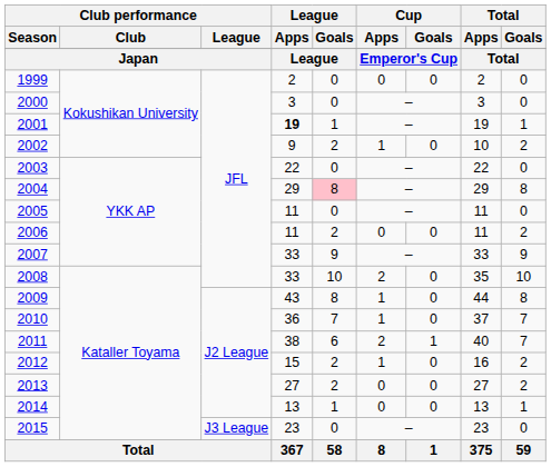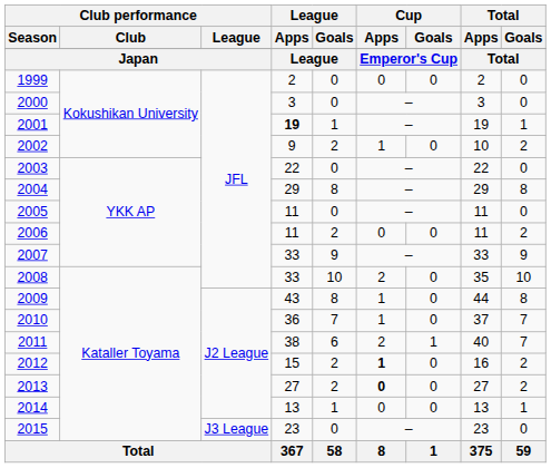 <table class="wikitable" style="text-align:center">
 <tr>
 <th colspan=3>Club performance</th>
 <th colspan=2>League</th>
 <th colspan=2>Cup</th>
 <th colspan=2>Total</th>
 </tr>
 <tr>
 <th>Season</th>
 <th>Club</th>
 <th>League</th>
 <th>Apps</th>
 <th>Goals</th>
 <th>Apps</th>
 <th>Goals</th>
 <th>Apps</th>
 <th>Goals</th>
 </tr>
 <tr>
 </tr>
 <tr>
 <th colspan=3>Japan</th>
 <th colspan=2>League</th>
 <th colspan=2><a href='#'>Emperor's Cup</a></th>
 <th colspan=2>Total</th>
 </tr>
 <tr>
 <td><a href='#'>1999</a></td>
 <td rowspan=4><a href='#'>Kokushikan University</a></td>
 <td rowspan=10><a href='#'>JFL</a></td>
 <td>2</td>
 <td>0</td>
 <td>0</td>
 <td>0</td>
 <td>2</td>
 <td>0</td>
 </tr>
 <tr>
 <td><a href='#'>2000</a></td>
 <td>3</td>
 <td>0</td>
 <td colspan="2">–</td>
 <td>3</td>
 <td>0</td>
 </tr>
 <tr>
 <td><a href='#'>2001</a></td>
 <td><strong>19</strong></td>
 <td>1</td>
 <td colspan="2">–</td>
 <td>19</td>
 <td>1</td>
 </tr>
 <tr>
 <td><a href='#'>2002</a></td>
 <td>9</td>
 <td>2</td>
 <td>1</td>
 <td>0</td>
 <td>10</td>
 <td>2</td>
 </tr>
 <tr>
 <td><a href='#'>2003</a></td>
 <td rowspan=5><a href='#'>YKK AP</a></td>
 <td>22</td>
 <td>0</td>
 <td colspan="2">–</td>
 <td>22</td>
 <td>0</td>
 </tr>
 <tr>
 <td><a href='#'>2004</a></td>
 <td>29</td>
-<td style="background: pink;">8</td>
+<td>8</td>
 <td colspan="2">–</td>
 <td>29</td>
 <td>8</td>
 </tr>
 <tr>
 <td><a href='#'>2005</a></td>
 <td>11</td>
 <td>0</td>
 <td colspan="2">–</td>
 <td>11</td>
 <td>0</td>
 </tr>
 <tr>
 <td><a href='#'>2006</a></td>
 <td>11</td>
 <td>2</td>
 <td>0</td>
 <td>0</td>
 <td>11</td>
 <td>2</td>
 </tr>
 <tr>
 <td><a href='#'>2007</a></td>
 <td>33</td>
 <td>9</td>
 <td colspan="2">–</td>
 <td>33</td>
 <td>9</td>
 </tr>
 <tr>
 <td><a href='#'>2008</a></td>
 <td rowspan="8"><a href='#'>Kataller Toyama</a></td>
 <td>33</td>
 <td>10</td>
 <td>2</td>
 <td>0</td>
 <td>35</td>
 <td>10</td>
 </tr>
 <tr>
 <td><a href='#'>2009</a></td>
 <td rowspan=6><a href='#'>J2 League</a></td>
 <td>43</td>
 <td>8</td>
 <td>1</td>
 <td>0</td>
 <td>44</td>
 <td>8</td>
 </tr>
 <tr>
 <td><a href='#'>2010</a></td>
 <td>36</td>
 <td>7</td>
 <td>1</td>
 <td>0</td>
 <td>37</td>
 <td>7</td>
 </tr>
 <tr>
 <td><a href='#'>2011</a></td>
 <td>38</td>
 <td>6</td>
 <td>2</td>
 <td>1</td>
 <td>40</td>
 <td>7</td>
 </tr>
 <tr>
 <td><a href='#'>2012</a></td>
 <td>15</td>
 <td>2</td>
-<td>1</td>
+<td><strong>1</strong></td>
 <td>0</td>
 <td>16</td>
 <td>2</td>
 </tr>
 <tr>
 <td><a href='#'>2013</a></td>
 <td>27</td>
 <td>2</td>
-<td>0</td>
+<td><strong>0</strong></td>
 <td>0</td>
 <td>27</td>
 <td>2</td>
 </tr>
 <tr>
 <td><a href='#'>2014</a></td>
 <td>13</td>
 <td>1</td>
 <td>0</td>
 <td>0</td>
 <td>13</td>
 <td>1</td>
 </tr>
 <tr>
 <td><a href='#'>2015</a></td>
 <td><a href='#'>J3 League</a></td>
 <td>23</td>
 <td>0</td>
 <td colspan="2">–</td>
 <td>23</td>
 <td>0</td>
 </tr>
 <tr>
 <th colspan=3>Total</th>
 <th>367</th>
 <th>58</th>
 <th>8</th>
 <th>1</th>
 <th>375</th>
 <th>59</th>
 </tr>
 </table>
